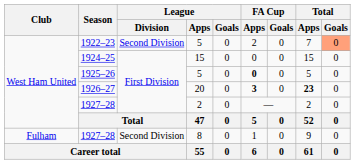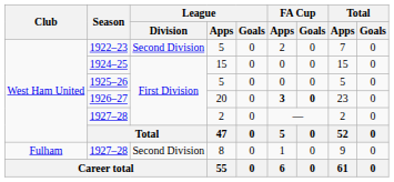 <table class="wikitable" style="text-align: center">
 <tr>
 <th rowspan="2">Club</th>
 <th rowspan="2">Season</th>
 <th colspan="3">League</th>
 <th colspan="2">FA Cup</th>
 <th colspan="2">Total</th>
 </tr>
 <tr>
 <th>Division</th>
 <th>Apps</th>
 <th>Goals</th>
 <th>Apps</th>
 <th>Goals</th>
 <th>Apps</th>
 <th>Goals</th>
 </tr>
 <tr>
 <td rowspan="6"><a href='#'>West Ham United</a></td>
 <td><a href='#'>1922–23</a></td>
 <td><a href='#'>Second Division</a></td>
 <td>5</td>
 <td>0</td>
 <td>2</td>
 <td>0</td>
 <td>7</td>
-<td style="background: lightsalmon;">0</td>
+<td>0</td>
 </tr>
 <tr>
 <td><a href='#'>1924–25</a></td>
 <td rowspan="4"><a href='#'>First Division</a></td>
 <td>15</td>
 <td>0</td>
 <td>0</td>
 <td>0</td>
 <td>15</td>
 <td>0</td>
 </tr>
 <tr>
 <td><a href='#'>1925–26</a></td>
 <td>5</td>
 <td>0</td>
-<td><strong>0</strong></td>
+<td>0</td>
 <td>0</td>
 <td>5</td>
 <td>0</td>
 </tr>
 <tr>
 <td><a href='#'>1926–27</a></td>
 <td>20</td>
 <td>0</td>
 <td><strong>3</strong></td>
-<td>0</td>
-<td><strong>23</strong></td>
+<td><strong>0</strong></td>
+<td>23</td>
 <td>0</td>
 </tr>
 <tr>
 <td><a href='#'>1927–28</a></td>
 <td>2</td>
 <td>0</td>
 <td colspan="2">―</td>
 <td>2</td>
 <td>0</td>
 </tr>
 <tr>
 <th colspan="2">Total</th>
 <th>47</th>
 <th>0</th>
 <th>5</th>
 <th>0</th>
 <th>52</th>
 <th>0</th>
 </tr>
 <tr>
 <td><a href='#'>Fulham</a></td>
 <td><a href='#'>1927–28</a></td>
 <td>Second Division</td>
 <td>8</td>
 <td>0</td>
 <td>1</td>
 <td>0</td>
 <td>9</td>
 <td>0</td>
 </tr>
 <tr>
 <th colspan="3">Career total</th>
 <th>55</th>
 <th>0</th>
 <th>6</th>
 <th>0</th>
 <th>61</th>
 <th>0</th>
 </tr>
 </table>
